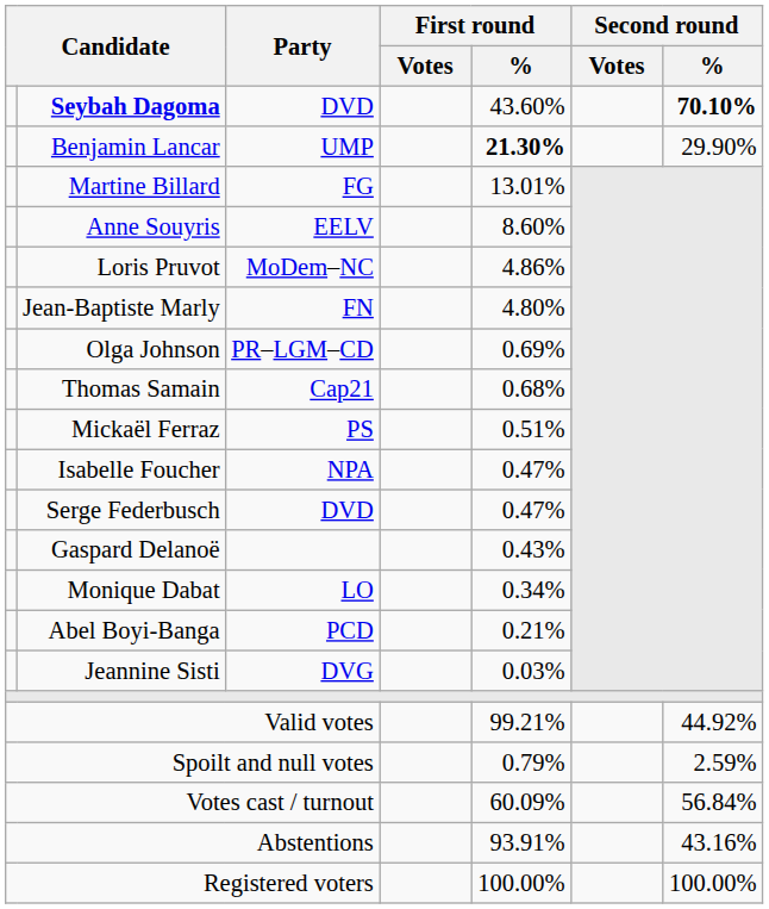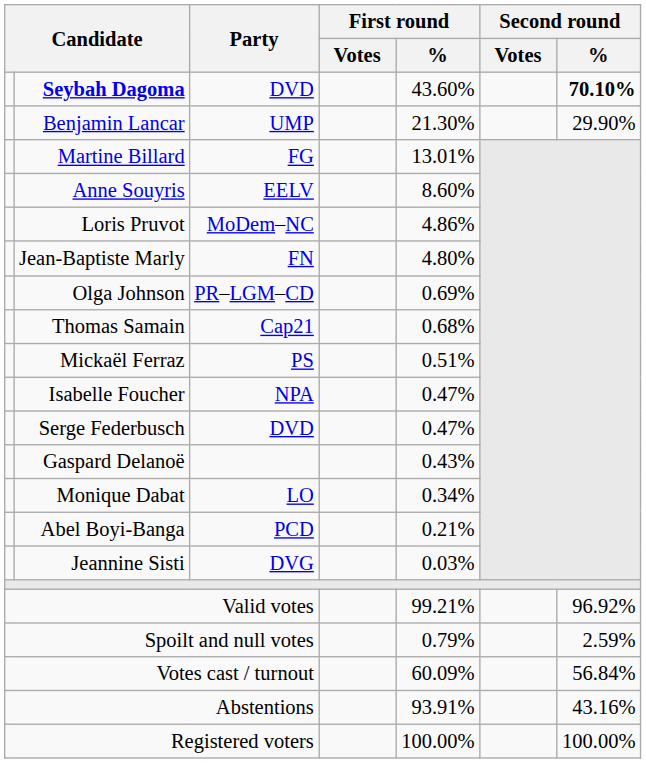 <table class="wikitable" style="text-align:right;font-size:95%;">
 <tr>
 <th rowspan=2 colspan=2>Candidate</th>
 <th rowspan=2 colspan=1>Party</th>
 <th colspan=2>First round</th>
 <th colspan=2>Second round</th>
 </tr>
 <tr>
 <th style="width:50px;">Votes</th>
 <th style="width:55px;">%</th>
 <th style="width:50px;">Votes</th>
 <th style="width:55px;">%</th>
 </tr>
 <tr>
 <td style="color:inherit;background-color:"></td>
 <td><strong><a href='#'>Seybah Dagoma</a></strong></td>
 <td><a href='#'>DVD</a></td>
 <td></td>
 <td>43.60%</td>
 <td><strong></strong></td>
 <td><strong>70.10%</strong></td>
 </tr>
 <tr>
 <td style="color:inherit;background-color:"></td>
 <td><a href='#'>Benjamin Lancar</a></td>
 <td><a href='#'>UMP</a></td>
 <td></td>
-<td><strong>21.30%</strong></td>
+<td>21.30%</td>
 <td></td>
 <td>29.90%</td>
 </tr>
 <tr>
 <td style="color:inherit;background-color:"></td>
 <td><a href='#'>Martine Billard</a></td>
 <td><a href='#'>FG</a></td>
 <td></td>
 <td>13.01%</td>
 <td colspan=7 rowspan=13 style="background-color:#E9E9E9;"></td>
 </tr>
 <tr>
 <td style="color:inherit;background-color:"></td>
 <td><a href='#'>Anne Souyris</a></td>
 <td><a href='#'>EELV</a></td>
 <td></td>
 <td>8.60%</td>
 </tr>
 <tr>
 <td style="color:inherit;background-color:"></td>
 <td>Loris Pruvot</td>
 <td><a href='#'>MoDem</a>–<a href='#'>NC</a></td>
 <td></td>
 <td>4.86%</td>
 </tr>
 <tr>
 <td style="color:inherit;background-color:"></td>
 <td>Jean-Baptiste Marly</td>
 <td><a href='#'>FN</a></td>
 <td></td>
 <td>4.80%</td>
 </tr>
 <tr>
 <td style="color:inherit;background-color:"></td>
 <td>Olga Johnson</td>
 <td><a href='#'>PR</a>–<a href='#'>LGM</a>–<a href='#'>CD</a></td>
 <td></td>
 <td>0.69%</td>
 </tr>
 <tr>
 <td style="color:inherit;background-color:"></td>
 <td>Thomas Samain</td>
 <td><a href='#'>Cap21</a></td>
 <td></td>
 <td>0.68%</td>
 </tr>
 <tr>
 <td style="color:inherit;background-color:"></td>
 <td>Mickaël Ferraz</td>
 <td><a href='#'>PS</a></td>
 <td></td>
 <td>0.51%</td>
 </tr>
 <tr>
 <td style="color:inherit;background-color:"></td>
 <td>Isabelle Foucher</td>
 <td><a href='#'>NPA</a></td>
 <td></td>
 <td>0.47%</td>
 </tr>
 <tr>
 <td style="color:inherit;background-color:"></td>
 <td>Serge Federbusch</td>
 <td><a href='#'>DVD</a> </td>
 <td></td>
 <td>0.47%</td>
 </tr>
 <tr>
 <td style="color:inherit;background-color:"></td>
 <td>Gaspard Delanoë</td>
 <td></td>
 <td></td>
 <td>0.43%</td>
 </tr>
 <tr>
 <td style="color:inherit;background-color:"></td>
 <td>Monique Dabat</td>
 <td><a href='#'>LO</a></td>
 <td></td>
 <td>0.34%</td>
 </tr>
 <tr>
 <td style="color:inherit;background-color:"></td>
 <td>Abel Boyi-Banga</td>
 <td><a href='#'>PCD</a></td>
 <td></td>
 <td>0.21%</td>
 </tr>
 <tr>
 <td style="color:inherit;background-color:"></td>
 <td>Jeannine Sisti</td>
 <td><a href='#'>DVG</a></td>
 <td></td>
 <td>0.03%</td>
 </tr>
 <tr>
 <td colspan=7 style="background-color:#E9E9E9;"></td>
 </tr>
 <tr>
 <td colspan=3>Valid votes</td>
 <td></td>
 <td>99.21%</td>
 <td></td>
-<td>44.92%</td>
+<td>96.92%</td>
 </tr>
 <tr>
 <td colspan=3>Spoilt and null votes</td>
 <td></td>
 <td>0.79%</td>
 <td></td>
 <td>2.59%</td>
 </tr>
 <tr>
 <td colspan=3>Votes cast / turnout</td>
 <td></td>
 <td>60.09%</td>
 <td></td>
 <td>56.84%</td>
 </tr>
 <tr>
 <td colspan=3>Abstentions</td>
 <td></td>
 <td>93.91%</td>
 <td></td>
 <td>43.16%</td>
 </tr>
 <tr>
 <td colspan=3>Registered voters</td>
 <td></td>
 <td>100.00%</td>
 <td></td>
 <td>100.00%</td>
 </tr>
 </table>
